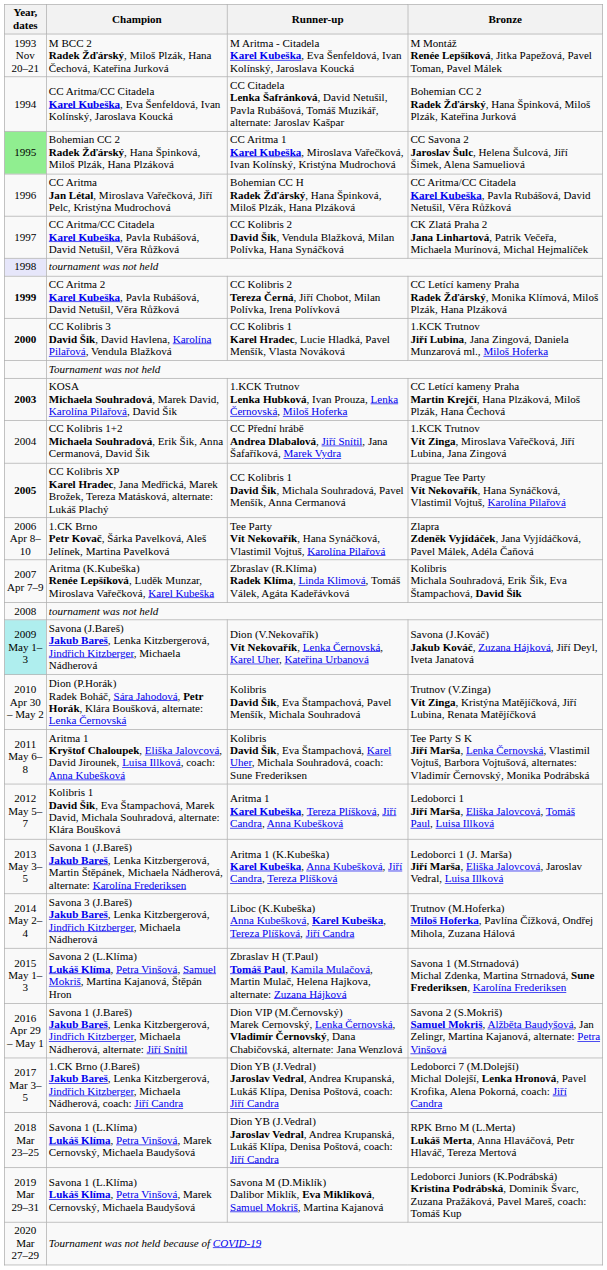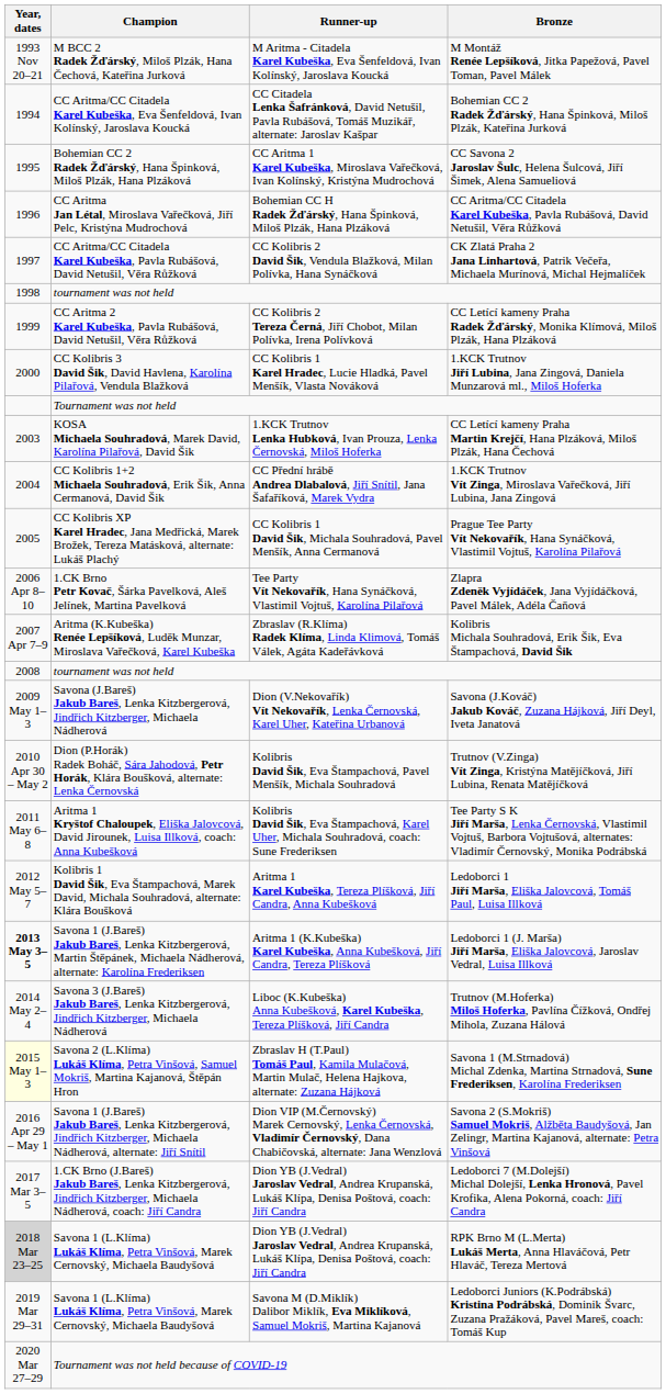 <table class="wikitable">
 <tr>
 <th>Year,<br>dates</th>
 <th>Champion</th>
 <th>Runner-up</th>
 <th>Bronze</th>
 </tr>
 <tr>
 <td align=center>1993<br>Nov 20–21</td>
 <td>M BCC 2<br><strong>Radek Žďárský</strong>, Miloš Plzák, Hana Čechová, Kateřina Jurková</td>
 <td>M Aritma - Citadela<br><strong><a href='#'>Karel Kubeška</a></strong>, Eva Šenfeldová, Ivan Kolínský, Jaroslava Koucká</td>
 <td>M Montáž<br><strong>Renée Lepšíková</strong>, Jitka Papežová, Pavel Toman, Pavel Málek</td>
 </tr>
 <tr>
 <td align=center>1994</td>
 <td>CC Aritma/CC Citadela<br><strong><a href='#'>Karel Kubeška</a></strong>, Eva Šenfeldová, Ivan Kolínský, Jaroslava Koucká</td>
 <td>CC Citadela<br><strong>Lenka Šafránková</strong>, David Netušil, Pavla Rubášová, Tomáš Muzikář, alternate: Jaroslav Kašpar</td>
 <td>Bohemian CC 2<br><strong>Radek Žďárský</strong>, Hana Špinková, Miloš Plzák, Kateřina Jurková</td>
 </tr>
 <tr>
-<td align=center style="background: lightgreen;">1995</td>
+<td align=center>1995</td>
 <td>Bohemian CC 2<br><strong>Radek Žďárský</strong>, Hana Špinková, Miloš Plzák, Hana Plzáková</td>
 <td>CC Aritma 1<br><strong><a href='#'>Karel Kubeška</a></strong>, Miroslava Vařečková, Ivan Kolínský, Kristýna Mudrochová</td>
 <td>CC Savona 2<br><strong>Jaroslav Šulc</strong>, Helena Šulcová, Jiří Šimek, Alena Samueliová</td>
 </tr>
 <tr>
 <td align=center>1996</td>
 <td>CC Aritma<br><strong>Jan Létal</strong>, Miroslava Vařečková, Jiří Pelc, Kristýna Mudrochová</td>
 <td>Bohemian CC H<br><strong>Radek Žďárský</strong>, Hana Špinková, Miloš Plzák, Hana Plzáková</td>
 <td>CC Aritma/CC Citadela<br><strong><a href='#'>Karel Kubeška</a></strong>, Pavla Rubášová, David Netušil, Věra Růžková</td>
 </tr>
 <tr>
 <td align=center>1997</td>
 <td>CC Aritma/CC Citadela<br><strong><a href='#'>Karel Kubeška</a></strong>, Pavla Rubášová, David Netušil, Věra Růžková</td>
 <td>CC Kolibris 2<br><strong>David Šik</strong>, Vendula Blažková, Milan Polívka, Hana Synáčková</td>
 <td>CK Zlatá Praha 2<br><strong>Jana Linhartová</strong>, Patrik Večeřa, Michaela Murínová, Michal Hejmalíček</td>
 </tr>
 <tr>
-<td align=center style="background: lavender;">1998</td>
+<td align=center>1998</td>
 <td colspan=3><em>tournament was not held</em></td>
 </tr>
 <tr>
-<td align=center><strong>1999</strong></td>
+<td align=center>1999</td>
 <td>CC Aritma 2<br><strong><a href='#'>Karel Kubeška</a></strong>, Pavla Rubášová, David Netušil, Věra Růžková</td>
 <td>CC Kolibris 2<br><strong>Tereza Černá</strong>, Jiří Chobot, Milan Polívka, Irena Polívková</td>
 <td>CC Letící kameny Praha<br><strong>Radek Žďárský</strong>, Monika Klímová, Miloš Plzák, Hana Plzáková</td>
 </tr>
 <tr>
-<td align=center><strong>2000</strong></td>
+<td align=center>2000</td>
 <td>CC Kolibris 3<br><strong>David Šik</strong>, David Havlena, <a href='#'>Karolína Pilařová</a>, Vendula Blažková</td>
 <td>CC Kolibris 1<br><strong>Karel Hradec</strong>, Lucie Hladká, Pavel Menšík, Vlasta Nováková</td>
 <td>1.KCK Trutnov<br><strong>Jiří Lubina</strong>, Jana Zingová, Daniela Munzarová ml., <a href='#'>Miloš Hoferka</a></td>
 </tr>
 <tr>
 <td></td>
 <td colspan=3><em>Tournament was not held</em></td>
 </tr>
 <tr>
-<td align=center><strong>2003</strong></td>
+<td align=center>2003</td>
 <td>KOSA<br><strong>Michaela Souhradová</strong>, Marek David, <a href='#'>Karolína Pilařová</a>, David Šik</td>
 <td>1.KCK Trutnov<br><strong>Lenka Hubková</strong>, Ivan Prouza, <a href='#'>Lenka Černovská</a>, <a href='#'>Miloš Hoferka</a></td>
 <td>CC Letící kameny Praha<br><strong>Martin Krejčí</strong>, Hana Plzáková, Miloš Plzák, Hana Čechová</td>
 </tr>
 <tr>
 <td align=center>2004</td>
 <td>CC Kolibris 1+2<br><strong>Michaela Souhradová</strong>, Erik Šik, Anna Cermanová, David Šik</td>
 <td>CC Přední hrábě<br><strong>Andrea Dlabalová</strong>, <a href='#'>Jiří Snítil</a>, Jana Šafaříková, <a href='#'>Marek Vydra</a></td>
 <td>1.KCK Trutnov<br><strong>Vít Zinga</strong>, Miroslava Vařečková, Jiří Lubina, Jana Zingová</td>
 </tr>
 <tr>
-<td align=center><strong>2005</strong></td>
+<td align=center>2005</td>
 <td>CC Kolibris XP<br><strong>Karel Hradec</strong>, Jana Medřická, Marek Brožek, Tereza Matásková, alternate: Lukáš Plachý</td>
 <td>CC Kolibris 1<br><strong>David Šik</strong>, Michala Souhradová, Pavel Menšík, Anna Cermanová</td>
 <td>Prague Tee Party<br><strong>Vít Nekovařík</strong>, Hana Synáčková, Vlastimil Vojtuš, <a href='#'>Karolína Pilařová</a></td>
 </tr>
 <tr>
 <td align=center>2006<br>Apr 8–10</td>
 <td>1.CK Brno<br><strong>Petr Kovač</strong>, Šárka Pavelková, Aleš Jelínek, Martina Pavelková</td>
 <td>Tee Party<br><strong>Vít Nekovařík</strong>, Hana Synáčková, Vlastimil Vojtuš, <a href='#'>Karolína Pilařová</a></td>
 <td>Zlapra<br><strong>Zdeněk Vyjídáček</strong>, Jana Vyjídáčková, Pavel Málek, Adéla Čaňová</td>
 </tr>
 <tr>
 <td align=center>2007<br>Apr 7–9</td>
 <td>Aritma (K.Kubeška)<br><strong>Renée Lepšíková</strong>, Luděk Munzar, Miroslava Vařečková, <a href='#'>Karel Kubeška</a></td>
 <td>Zbraslav (R.Klíma)<br><strong>Radek Klíma</strong>, <a href='#'>Linda Klimová</a>, Tomáš Válek, Agáta Kadeřávková</td>
 <td>Kolibris<br>Michala Souhradová, Erik Šik, Eva Štampachová, <strong>David Šik</strong></td>
 </tr>
 <tr>
 <td align=center>2008</td>
 <td colspan=3><em>tournament was not held</em></td>
 </tr>
 <tr>
-<td align=center style="background: paleturquoise;">2009<br>May 1–3</td>
+<td align=center>2009<br>May 1–3</td>
 <td>Savona (J.Bareš)<br><strong><a href='#'>Jakub Bareš</a></strong>, Lenka Kitzbergerová, <a href='#'>Jindřich Kitzberger</a>, Michaela Nádherová</td>
 <td>Dion (V.Nekovařík)<br><strong>Vít Nekovařík</strong>, <a href='#'>Lenka Černovská</a>, <a href='#'>Karel Uher</a>, <a href='#'>Kateřina Urbanová</a></td>
 <td>Savona (J.Kováč)<br><strong>Jakub Kováč</strong>, <a href='#'>Zuzana Hájková</a>, Jiří Deyl, Iveta Janatová</td>
 </tr>
 <tr>
 <td align=center>2010<br>Apr 30 – May 2</td>
 <td>Dion (P.Horák)<br>Radek Boháč, <a href='#'>Sára Jahodová</a>, <strong>Petr Horák</strong>, Klára Boušková, alternate: <a href='#'>Lenka Černovská</a></td>
 <td>Kolibris<br><strong>David Šik</strong>, Eva Štampachová, Pavel Menšík, Michala Souhradová</td>
 <td>Trutnov (V.Zinga)<br><strong>Vít Zinga</strong>, Kristýna Matějíčková, Jiří Lubina, Renata Matějíčková</td>
 </tr>
 <tr>
 <td align=center>2011<br>May 6–8</td>
 <td>Aritma 1<br><strong>Kryštof Chaloupek</strong>, <a href='#'>Eliška Jalovcová</a>, David Jirounek, <a href='#'>Luisa Illková</a>, coach: <a href='#'>Anna Kubešková</a></td>
 <td>Kolibris<br><strong>David Šik</strong>, Eva Štampachová, <a href='#'>Karel Uher</a>, Michala Souhradová, coach: Sune Frederiksen</td>
 <td>Tee Party S K<br><strong>Jiří Marša</strong>, <a href='#'>Lenka Černovská</a>, Vlastimil Vojtuš, Barbora Vojtušová, alternates: Vladimír Černovský, Monika Podrábská</td>
 </tr>
 <tr>
 <td align=center>2012<br>May 5–7</td>
 <td>Kolibris 1<br><strong>David Šik</strong>, Eva Štampachová, Marek David, Michala Souhradová, alternate: Klára Boušková</td>
 <td>Aritma 1<br><strong><a href='#'>Karel Kubeška</a></strong>, <a href='#'>Tereza Plíšková</a>, <a href='#'>Jiří Candra</a>, <a href='#'>Anna Kubešková</a></td>
 <td>Ledoborci 1<br><strong>Jiří Marša</strong>, <a href='#'>Eliška Jalovcová</a>, <a href='#'>Tomáš Paul</a>, <a href='#'>Luisa Illková</a></td>
 </tr>
 <tr>
-<td align=center>2013<br>May 3–5</td>
+<td align=center><strong>2013<br>May 3–5</strong></td>
 <td>Savona 1 (J.Bareš)<br><strong><a href='#'>Jakub Bareš</a></strong>, Lenka Kitzbergerová, Martin Štěpánek, Michaela Nádherová, alternate: <a href='#'>Karolína Frederiksen</a></td>
 <td>Aritma 1 (K.Kubeška)<br><strong><a href='#'>Karel Kubeška</a></strong>, <a href='#'>Anna Kubešková</a>, <a href='#'>Jiří Candra</a>, <a href='#'>Tereza Plíšková</a></td>
 <td>Ledoborci 1 (J. Marša)<br><strong>Jiří Marša</strong>, <a href='#'>Eliška Jalovcová</a>, Jaroslav Vedral, <a href='#'>Luisa Illková</a></td>
 </tr>
 <tr>
 <td align=center>2014<br>May 2–4</td>
 <td>Savona 3 (J.Bareš)<br><strong><a href='#'>Jakub Bareš</a></strong>, Lenka Kitzbergerová, <a href='#'>Jindřich Kitzberger</a>, Michaela Nádherová</td>
 <td>Liboc (K.Kubeška)<br><a href='#'>Anna Kubešková</a>, <strong><a href='#'>Karel Kubeška</a></strong>, <a href='#'>Tereza Plíšková</a>, <a href='#'>Jiří Candra</a></td>
 <td>Trutnov (M.Hoferka)<br><strong><a href='#'>Miloš Hoferka</a></strong>, Pavlína Čížková, Ondřej Mihola, Zuzana Hálová</td>
 </tr>
 <tr>
-<td align=center>2015<br>May 1–3</td>
+<td align=center style="background: lightyellow;">2015<br>May 1–3</td>
 <td>Savona 2 (L.Klíma)<br><strong><a href='#'>Lukáš Klíma</a></strong>, <a href='#'>Petra Vinšová</a>, <a href='#'>Samuel Mokriš</a>, Martina Kajanová, Štěpán Hron</td>
 <td>Zbraslav H (T.Paul)<br><strong><a href='#'>Tomáš Paul</a></strong>, <a href='#'>Kamila Mulačová</a>, Martin Mulač, Helena Hajkova, alternate: <a href='#'>Zuzana Hájková</a></td>
 <td>Savona 1 (M.Strnadová)<br>Michal Zdenka, Martina Strnadová, <strong>Sune Frederiksen</strong>, <a href='#'>Karolína Frederiksen</a></td>
 </tr>
 <tr>
 <td align=center>2016<br>Apr 29 – May 1</td>
 <td>Savona 1 (J.Bareš)<br><strong><a href='#'>Jakub Bareš</a></strong>, Lenka Kitzbergerová, <a href='#'>Jindřich Kitzberger</a>, Michaela Nádherová, alternate: <a href='#'>Jiří Snítil</a></td>
 <td>Dion VIP (M.Černovský)<br>Marek Cernovský, <a href='#'>Lenka Černovská</a>, <strong>Vladimír Černovský</strong>, Dana Chabičovská, alternate: Jana Wenzlová</td>
 <td>Savona 2 (S.Mokriš)<br><strong><a href='#'>Samuel Mokriš</a></strong>, <a href='#'>Alžběta Baudyšová</a>, Jan Zelingr, Martina Kajanová, alternate: <a href='#'>Petra Vinšová</a></td>
 </tr>
 <tr>
 <td align=center>2017<br>Mar 3–5</td>
 <td>1.CK Brno (J.Bareš)<br><strong><a href='#'>Jakub Bareš</a></strong>, Lenka Kitzbergerová, <a href='#'>Jindřich Kitzberger</a>, Michaela Nádherová, coach: <a href='#'>Jiří Candra</a></td>
 <td>Dion YB (J.Vedral)<br><strong>Jaroslav Vedral</strong>, Andrea Krupanská, Lukáš Klípa, Denisa Poštová, coach: <a href='#'>Jiří Candra</a></td>
 <td>Ledoborci 7 (M.Dolejší)<br>Michal Dolejší, <strong>Lenka Hronová</strong>, Pavel Krofika, Alena Pokorná, coach: <a href='#'>Jiří Candra</a></td>
 </tr>
 <tr>
-<td align=center>2018<br>Mar 23–25</td>
+<td align=center style="background: lightgrey;">2018<br>Mar 23–25</td>
 <td>Savona 1 (L.Klíma)<br><strong><a href='#'>Lukáš Klíma</a></strong>, <a href='#'>Petra Vinšová</a>, Marek Cernovský, Michaela Baudyšová</td>
 <td>Dion YB (J.Vedral)<br><strong>Jaroslav Vedral</strong>, Andrea Krupanská, Lukáš Klípa, Denisa Poštová, coach: <a href='#'>Jiří Candra</a></td>
 <td>RPK Brno M (L.Merta)<br><strong>Lukáš Merta</strong>, Anna Hlaváčová, Petr Hlaváč, Tereza Mertová</td>
 </tr>
 <tr>
 <td align=center>2019<br>Mar 29–31</td>
 <td>Savona 1 (L.Klíma)<br><strong><a href='#'>Lukáš Klíma</a></strong>, <a href='#'>Petra Vinšová</a>, Marek Cernovský, Michaela Baudyšová</td>
 <td>Savona M (D.Miklík)<br>Dalibor Miklík, <strong>Eva Miklíková</strong>, <a href='#'>Samuel Mokriš</a>, Martina Kajanová</td>
 <td>Ledoborci Juniors (K.Podrábská)<br><strong>Kristina Podrábská</strong>, Dominik Švarc, Zuzana Pražáková, Pavel Mareš, coach: Tomáš Kup</td>
 </tr>
 <tr>
 <td align=center>2020<br>Mar 27–29</td>
 <td colspan=3><em>Tournament was not held because of <a href='#'>COVID-19</a></em><br></td>
 </tr>
 </table>
